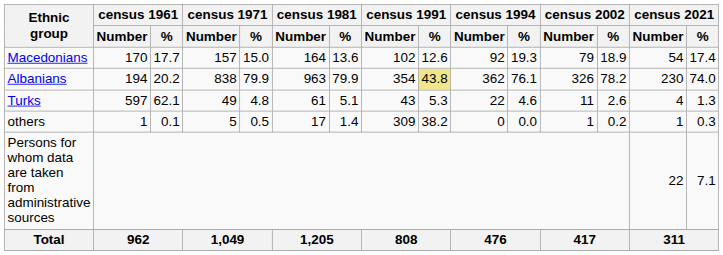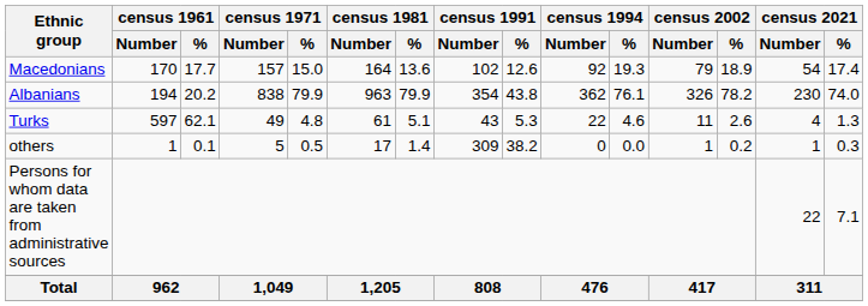 <table class="wikitable">
 <tr>
 <th rowspan="2">Ethnic<br>group</th>
 <th colspan="2">census 1961</th>
 <th colspan="2">census 1971</th>
 <th colspan="2">census 1981</th>
 <th colspan="2">census 1991</th>
 <th colspan="2">census 1994</th>
 <th colspan="2">census 2002</th>
 <th colspan="2">census 2021</th>
 </tr>
 <tr bgcolor="#e0e0e0">
 <th>Number</th>
 <th>%</th>
 <th>Number</th>
 <th>%</th>
 <th>Number</th>
 <th>%</th>
 <th>Number</th>
 <th>%</th>
 <th>Number</th>
 <th>%</th>
 <th>Number</th>
 <th>%</th>
 <th>Number</th>
 <th>%</th>
 </tr>
 <tr>
 <td><a href='#'>Macedonians</a></td>
 <td align="right">170</td>
 <td align="right">17.7</td>
 <td align="right">157</td>
 <td align="right">15.0</td>
 <td align="right">164</td>
 <td align="right">13.6</td>
 <td align="right">102</td>
 <td align="right">12.6</td>
 <td align="right">92</td>
 <td align="right">19.3</td>
 <td align="right">79</td>
 <td align="right">18.9</td>
 <td align="right">54</td>
 <td align="right">17.4</td>
 </tr>
 <tr>
 <td><a href='#'>Albanians</a></td>
 <td align="right">194</td>
 <td align="right">20.2</td>
 <td align="right">838</td>
 <td align="right">79.9</td>
 <td align="right">963</td>
 <td align="right">79.9</td>
 <td align="right">354</td>
-<td align="right" style="background: khaki;">43.8</td>
+<td align="right">43.8</td>
 <td align="right">362</td>
 <td align="right">76.1</td>
 <td align="right">326</td>
 <td align="right">78.2</td>
 <td align="right">230</td>
 <td align="right">74.0</td>
 </tr>
 <tr>
 <td><a href='#'>Turks</a></td>
 <td align="right">597</td>
 <td align="right">62.1</td>
 <td align="right">49</td>
 <td align="right">4.8</td>
 <td align="right">61</td>
 <td align="right">5.1</td>
 <td align="right">43</td>
 <td align="right">5.3</td>
 <td align="right">22</td>
 <td align="right">4.6</td>
 <td align="right">11</td>
 <td align="right">2.6</td>
 <td align="right">4</td>
 <td align="right">1.3</td>
 </tr>
 <tr>
 <td>others</td>
 <td align="right">1</td>
 <td align="right">0.1</td>
 <td align="right">5</td>
 <td align="right">0.5</td>
 <td align="right">17</td>
 <td align="right">1.4</td>
 <td align="right">309</td>
 <td align="right">38.2</td>
 <td align="right">0</td>
 <td align="right">0.0</td>
 <td align="right">1</td>
 <td align="right">0.2</td>
 <td align="right">1</td>
 <td align="right">0.3</td>
 </tr>
 <tr>
 <td>Persons for whom data are taken from administrative sources</td>
 <td colspan="12"></td>
 <td align="right">22</td>
 <td align="right">7.1</td>
 </tr>
 <tr>
 </tr>
 <tr bgcolor="#e0e0e0">
 <th align="left">Total</th>
 <th colspan="2">962</th>
 <th colspan="2">1,049</th>
 <th colspan="2">1,205</th>
 <th colspan="2">808</th>
 <th colspan="2">476</th>
 <th colspan="2">417</th>
 <th colspan="2">311</th>
 </tr>
 <tr>
 </tr>
 </table>
